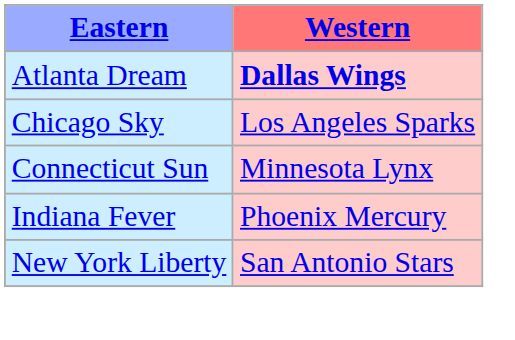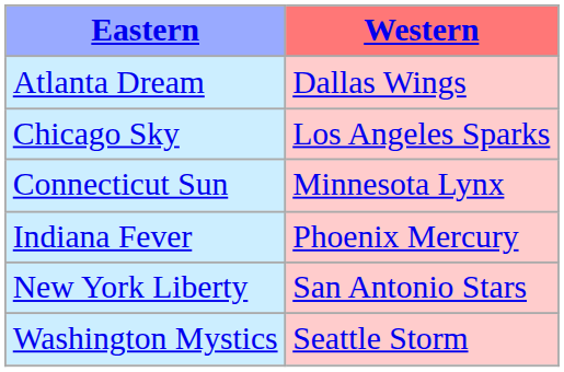 <table class="wikitable">
 <tr>
 <th style="background-color: #9AF;"><a href='#'>Eastern</a></th>
 <th style="background-color: #F77;"><a href='#'>Western</a></th>
 </tr>
 <tr>
 <td style="background-color: #CEF;"><a href='#'>Atlanta Dream</a></td>
-<td style="background-color: #FCC;"><strong><a href='#'>Dallas Wings</a></strong></td>
+<td style="background-color: #FCC;"><a href='#'>Dallas Wings</a></td>
 </tr>
 <tr>
 <td style="background-color: #CEF;"><a href='#'>Chicago Sky</a></td>
 <td style="background-color: #FCC;"><a href='#'>Los Angeles Sparks</a></td>
 </tr>
 <tr>
 <td style="background-color: #CEF;"><a href='#'>Connecticut Sun</a></td>
 <td style="background-color: #FCC;"><a href='#'>Minnesota Lynx</a></td>
 </tr>
 <tr>
 <td style="background-color: #CEF;"><a href='#'>Indiana Fever</a></td>
 <td style="background-color: #FCC;"><a href='#'>Phoenix Mercury</a></td>
 </tr>
 <tr>
 <td style="background-color: #CEF;"><a href='#'>New York Liberty</a></td>
 <td style="background-color: #FCC;"><a href='#'>San Antonio Stars</a></td>
 </tr>
+<tr>
+<td style="background-color: #CEF;"><a href='#'>Washington Mystics</a></td>
+<td style="background-color: #FCC;"><a href='#'>Seattle Storm</a></td>
+</tr>
 </table>
